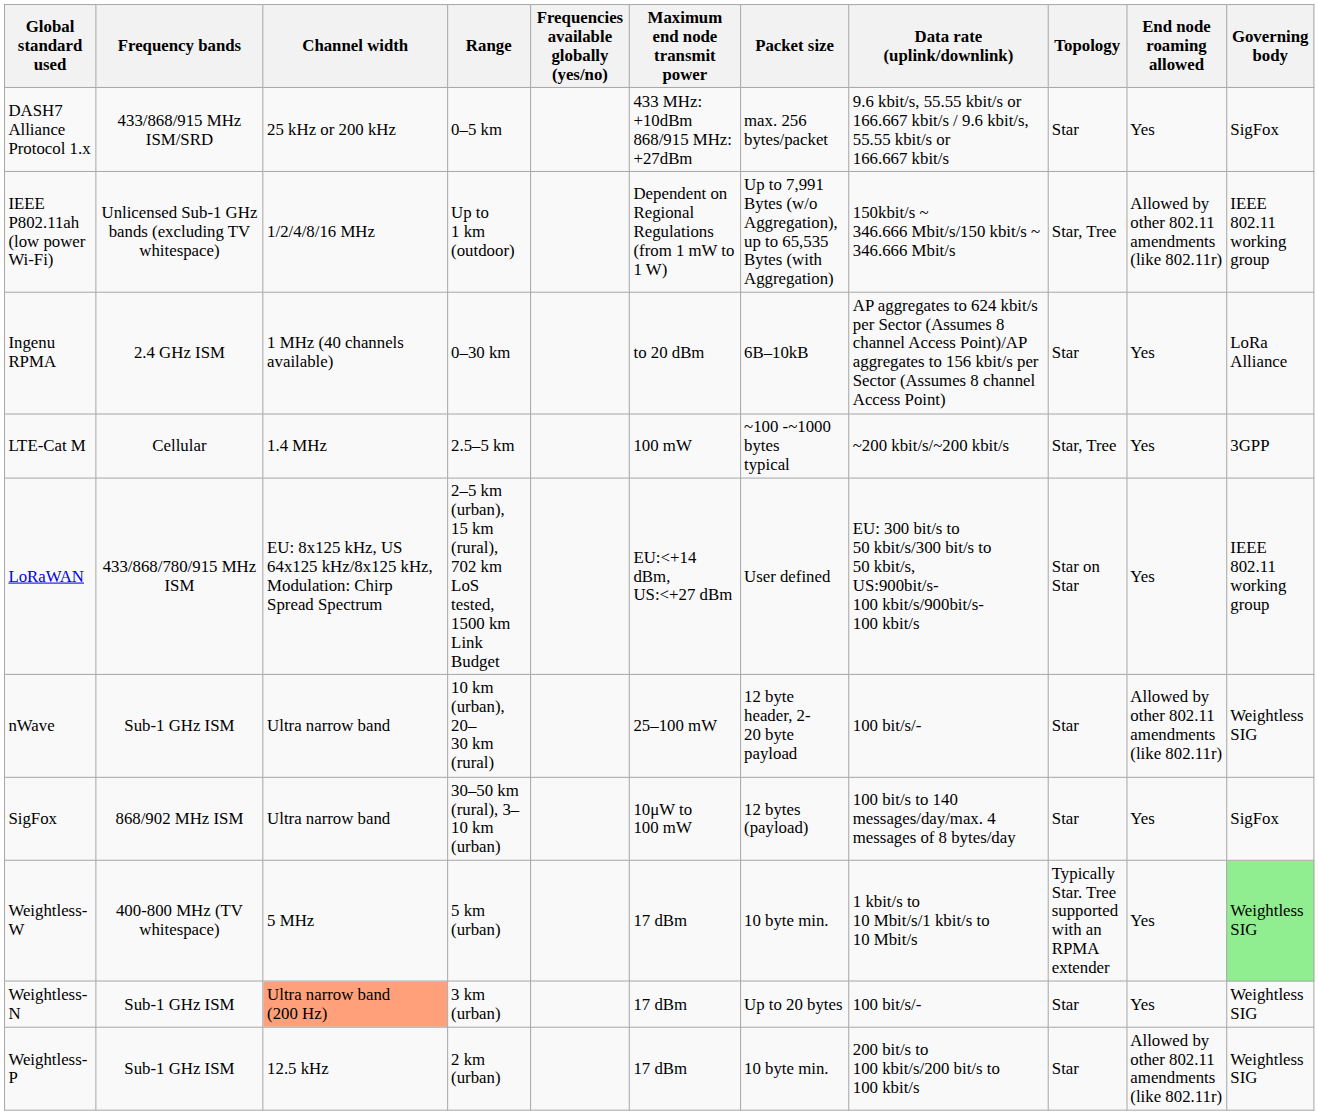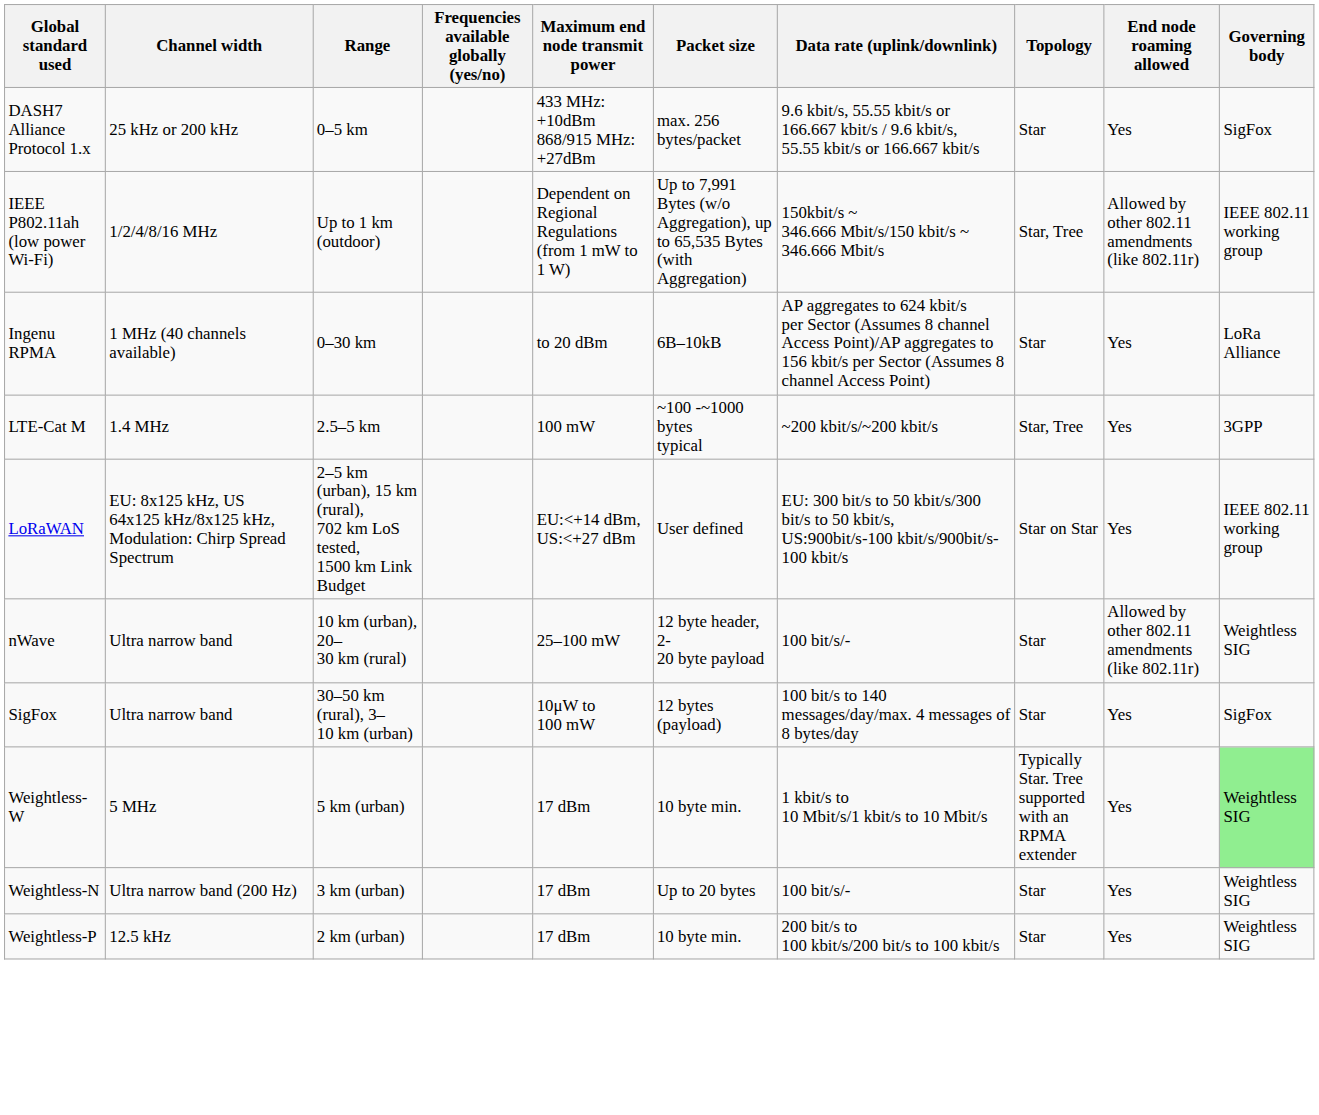 <table class="wikitable">
 <tr>
 <th style="text-align: center;">Global standard used</th>
-<th style="text-align: center;">Frequency bands</th>
 <th style="text-align: center;">Channel width</th>
 <th style="text-align: center;">Range</th>
 <th style="text-align: center;">Frequencies available globally (yes/no)</th>
 <th style="text-align: center;">Maximum end node transmit power</th>
 <th style="text-align: center;">Packet size</th>
 <th style="text-align: center;">Data rate (uplink/downlink)</th>
 <th style="text-align: center;">Topology</th>
 <th style="text-align: center;">End node roaming allowed</th>
 <th style="text-align: center;">Governing body</th>
 </tr>
 <tr>
 <td>DASH7 Alliance Protocol 1.x</td>
-<td style="text-align: center;">433/868/915 MHz ISM/SRD</td>
 <td>25 kHz or 200 kHz</td>
 <td>0–5 km</td>
 <td></td>
 <td>433 MHz: +10dBm<br>868/915 MHz: +27dBm</td>
 <td>max. 256 bytes/packet</td>
 <td>9.6 kbit/s, 55.55 kbit/s or<br>166.667 kbit/s / 9.6 kbit/s, 55.55 kbit/s or 166.667 kbit/s</td>
 <td>Star</td>
 <td>Yes</td>
 <td>SigFox</td>
 </tr>
 <tr>
 <td>IEEE P802.11ah (low power Wi-Fi)</td>
-<td style="text-align: center;">Unlicensed Sub-1 GHz bands (excluding TV whitespace)</td>
 <td>1/2/4/8/16 MHz</td>
 <td>Up to 1 km (outdoor)</td>
 <td></td>
 <td>Dependent on Regional<br>Regulations (from 1 mW to 1 W)</td>
 <td>Up to 7,991 Bytes (w/o<br>Aggregation), up to 65,535 Bytes (with Aggregation)</td>
 <td>150kbit/s ~ 346.666 Mbit/s/150 kbit/s ~ 346.666 Mbit/s</td>
 <td>Star, Tree</td>
 <td>Allowed by other 802.11 amendments (like 802.11r)</td>
 <td>IEEE 802.11 working group</td>
 </tr>
 <tr>
 <td>Ingenu RPMA</td>
-<td style="text-align: center;">2.4 GHz ISM</td>
 <td>1 MHz (40 channels available)</td>
 <td>0–30 km</td>
 <td></td>
 <td>to 20 dBm</td>
 <td>6B–10kB</td>
 <td>AP aggregates to 624 kbit/s<br>per Sector (Assumes 8 channel Access Point)/AP aggregates to 156 kbit/s per Sector (Assumes 8 channel Access Point)</td>
 <td>Star</td>
 <td>Yes</td>
 <td>LoRa Alliance</td>
 </tr>
 <tr>
 <td>LTE-Cat M</td>
-<td style="text-align: center;">Cellular</td>
 <td>1.4 MHz</td>
 <td>2.5–5 km</td>
 <td></td>
 <td>100 mW</td>
 <td>~100 -~1000 bytes<br>typical</td>
 <td>~200 kbit/s/~200 kbit/s</td>
 <td>Star, Tree</td>
 <td>Yes</td>
 <td>3GPP</td>
 </tr>
 <tr>
 <td><a href='#'>LoRaWAN</a></td>
-<td style="text-align: center;">433/868/780/915 MHz ISM</td>
 <td>EU: 8x125 kHz, US 64x125 kHz/8x125 kHz, Modulation: Chirp Spread Spectrum</td>
 <td>2–5 km (urban), 15 km (rural), 702 km LoS tested, 1500 km Link Budget</td>
 <td></td>
 <td>EU:<+14 dBm,<br>US:<+27 dBm</td>
 <td>User defined</td>
 <td>EU: 300 bit/s to 50 kbit/s/300 bit/s to 50 kbit/s,<br>US:900bit/s-100 kbit/s/900bit/s-100 kbit/s</td>
 <td>Star on Star</td>
 <td>Yes</td>
 <td>IEEE 802.11 working group</td>
 </tr>
 <tr>
 <td>nWave</td>
-<td style="text-align: center;">Sub-1 GHz ISM</td>
 <td>Ultra narrow band</td>
 <td>10 km (urban), 20–<br>30 km (rural)</td>
 <td></td>
 <td>25–100 mW</td>
 <td>12 byte header, 2-<br>20 byte payload</td>
 <td>100 bit/s/-</td>
 <td>Star</td>
 <td>Allowed by other 802.11 amendments (like 802.11r)</td>
 <td>Weightless SIG</td>
 </tr>
 <tr>
 <td>SigFox</td>
-<td style="text-align: center;">868/902 MHz ISM</td>
 <td>Ultra narrow band</td>
 <td>30–50 km (rural), 3–<br>10 km (urban)</td>
 <td></td>
 <td>10μW to 100 mW</td>
 <td>12 bytes (payload)</td>
 <td>100 bit/s to 140<br>messages/day/max. 4 messages of 8 bytes/day</td>
 <td>Star</td>
 <td>Yes</td>
 <td>SigFox</td>
 </tr>
 <tr>
 <td>Weightless-W</td>
-<td style="text-align: center;">400-800 MHz (TV whitespace)</td>
 <td>5 MHz</td>
 <td>5 km (urban)</td>
 <td></td>
 <td>17 dBm</td>
 <td>10 byte min.</td>
 <td>1 kbit/s to<br>10 Mbit/s/1 kbit/s to 10 Mbit/s</td>
 <td>Typically Star. Tree<br>supported with an RPMA extender</td>
 <td>Yes</td>
 <td style="background: lightgreen;">Weightless SIG</td>
 </tr>
 <tr>
 <td>Weightless-N</td>
-<td style="text-align: center;">Sub-1 GHz ISM</td>
-<td style="background: lightsalmon;">Ultra narrow band (200 Hz)</td>
+<td>Ultra narrow band (200 Hz)</td>
 <td>3 km (urban)</td>
 <td></td>
 <td>17 dBm</td>
 <td>Up to 20 bytes</td>
 <td>100 bit/s/-</td>
 <td>Star</td>
 <td>Yes</td>
 <td>Weightless SIG</td>
 </tr>
 <tr>
 <td>Weightless-P</td>
-<td style="text-align: center;">Sub-1 GHz ISM</td>
 <td>12.5 kHz</td>
 <td>2 km (urban)</td>
 <td></td>
 <td>17 dBm</td>
 <td>10 byte min.</td>
 <td>200 bit/s to<br>100 kbit/s/200 bit/s to 100 kbit/s</td>
 <td>Star</td>
-<td>Allowed by other 802.11 amendments (like 802.11r)</td>
+<td>Yes</td>
 <td>Weightless SIG</td>
 </tr>
 </table>
